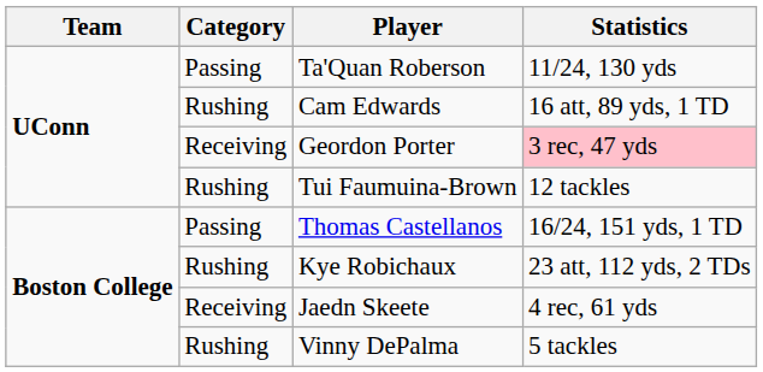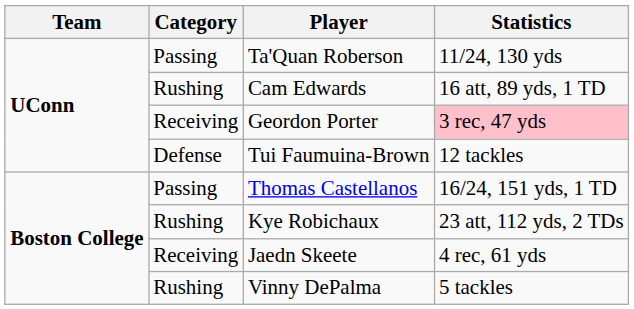 <table class="wikitable" style="float: right;">
 <tr>
 <th>Team</th>
 <th>Category</th>
 <th>Player</th>
 <th>Statistics</th>
 </tr>
 <tr>
 <td rowspan=4><strong>UConn</strong></td>
 <td>Passing</td>
 <td>Ta'Quan Roberson</td>
 <td>11/24, 130 yds</td>
 </tr>
 <tr>
 <td>Rushing</td>
 <td>Cam Edwards</td>
 <td>16 att, 89 yds, 1 TD</td>
 </tr>
 <tr>
 <td>Receiving</td>
 <td>Geordon Porter</td>
 <td style="background: pink;">3 rec, 47 yds</td>
 </tr>
 <tr>
-<td>Rushing</td>
+<td>Defense</td>
 <td>Tui Faumuina-Brown</td>
 <td>12 tackles</td>
 </tr>
 <tr>
 <td rowspan=4><strong>Boston College</strong></td>
 <td>Passing</td>
 <td><a href='#'>Thomas Castellanos</a></td>
 <td>16/24, 151 yds, 1 TD</td>
 </tr>
 <tr>
 <td>Rushing</td>
 <td>Kye Robichaux</td>
 <td>23 att, 112 yds, 2 TDs</td>
 </tr>
 <tr>
 <td>Receiving</td>
 <td>Jaedn Skeete</td>
 <td>4 rec, 61 yds</td>
 </tr>
 <tr>
 <td>Rushing</td>
 <td>Vinny DePalma</td>
 <td>5 tackles</td>
 </tr>
 </table>
